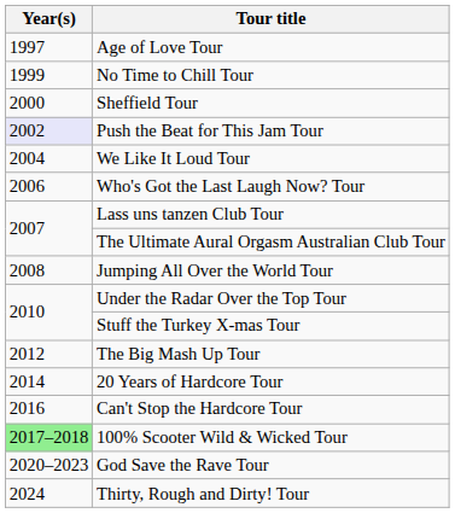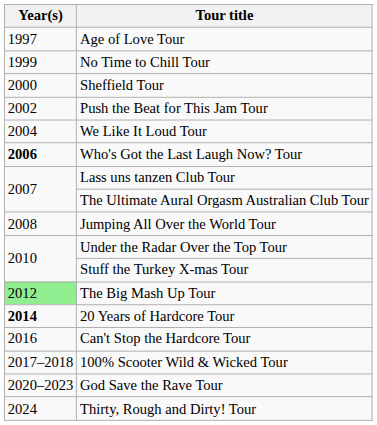 <table class="wikitable">
 <tr>
 <th>Year(s)</th>
 <th>Tour title</th>
 </tr>
 <tr>
 <td>1997</td>
 <td>Age of Love Tour</td>
 </tr>
 <tr>
 <td>1999</td>
 <td>No Time to Chill Tour</td>
 </tr>
 <tr>
 <td>2000</td>
 <td>Sheffield Tour</td>
 </tr>
 <tr>
-<td style="background: lavender;">2002</td>
+<td>2002</td>
 <td>Push the Beat for This Jam Tour</td>
 </tr>
 <tr>
 <td>2004</td>
 <td>We Like It Loud Tour</td>
 </tr>
 <tr>
-<td>2006</td>
+<td><strong>2006</strong></td>
 <td>Who's Got the Last Laugh Now? Tour</td>
 </tr>
 <tr>
 <td rowspan="2">2007</td>
 <td>Lass uns tanzen Club Tour</td>
 </tr>
 <tr>
 <td>The Ultimate Aural Orgasm Australian Club Tour</td>
 </tr>
 <tr>
 <td>2008</td>
 <td>Jumping All Over the World Tour</td>
 </tr>
 <tr>
 <td rowspan="2">2010</td>
 <td>Under the Radar Over the Top Tour</td>
 </tr>
 <tr>
 <td>Stuff the Turkey X-mas Tour</td>
 </tr>
 <tr>
-<td>2012</td>
+<td style="background: lightgreen;">2012</td>
 <td>The Big Mash Up Tour</td>
 </tr>
 <tr>
-<td>2014</td>
+<td><strong>2014</strong></td>
 <td>20 Years of Hardcore Tour</td>
 </tr>
 <tr>
 <td>2016</td>
 <td>Can't Stop the Hardcore Tour</td>
 </tr>
 <tr>
-<td style="background: lightgreen;">2017–2018</td>
+<td>2017–2018</td>
 <td>100% Scooter Wild & Wicked Tour</td>
 </tr>
 <tr>
 <td>2020–2023</td>
 <td>God Save the Rave Tour</td>
 </tr>
 <tr>
 <td>2024</td>
 <td>Thirty, Rough and Dirty! Tour</td>
 </tr>
 </table>
